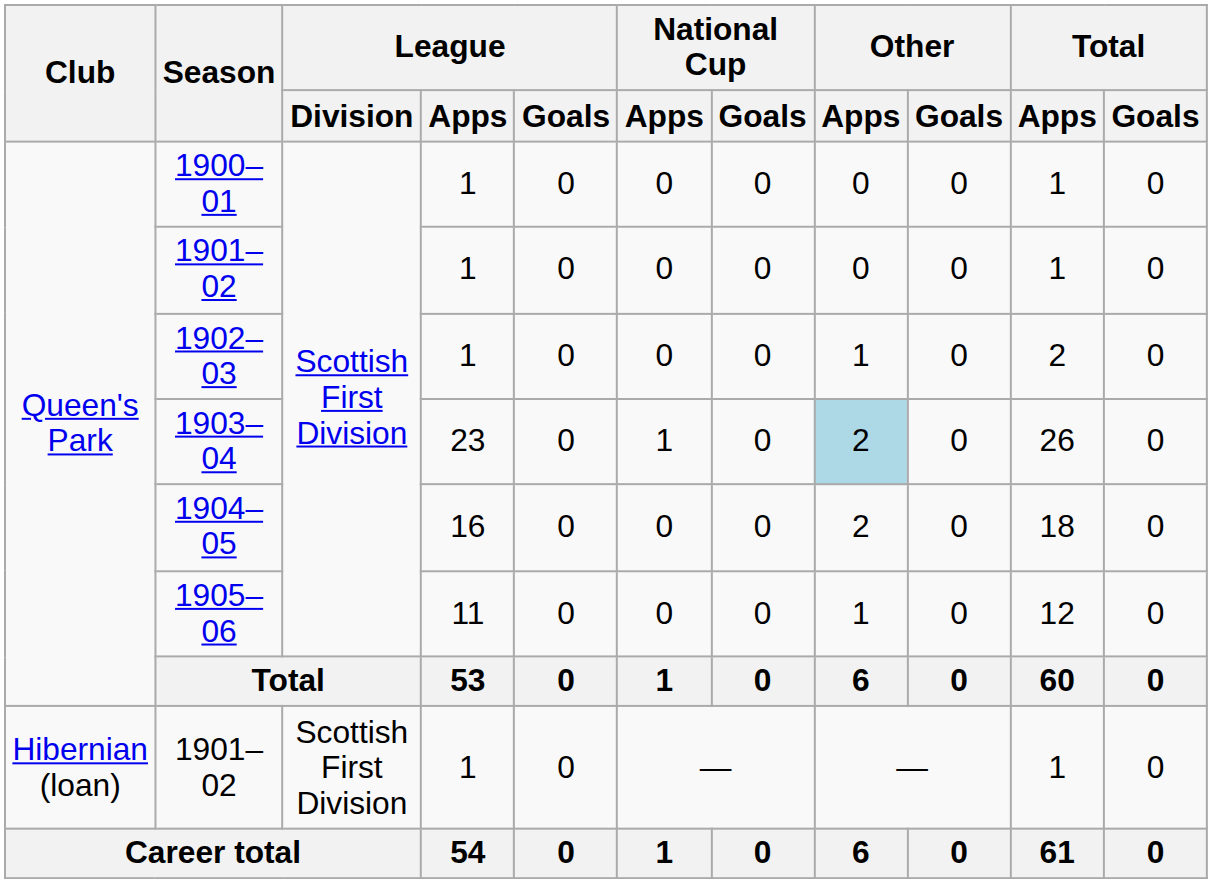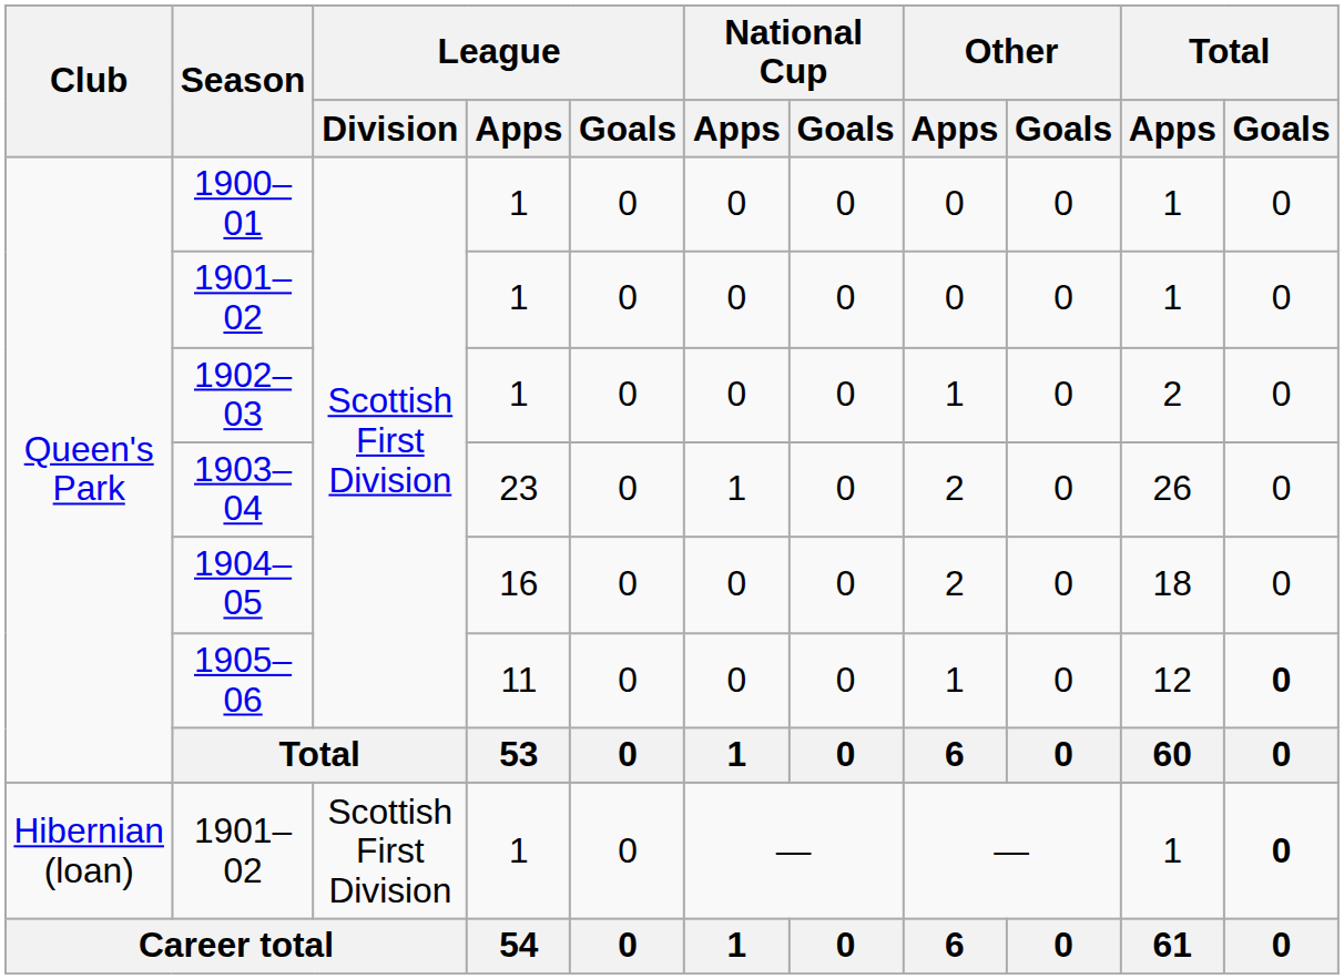 <table class="wikitable" style="text-align: center;">
 <tr>
 <th rowspan="2">Club</th>
 <th rowspan="2">Season</th>
 <th colspan="3">League</th>
 <th colspan="2">National Cup</th>
 <th colspan="2">Other</th>
 <th colspan="2">Total</th>
 </tr>
 <tr>
 <th>Division</th>
 <th>Apps</th>
 <th>Goals</th>
 <th>Apps</th>
 <th>Goals</th>
 <th>Apps</th>
 <th>Goals</th>
 <th>Apps</th>
 <th>Goals</th>
 </tr>
 <tr>
 <td rowspan="7"><a href='#'>Queen's Park</a></td>
 <td><a href='#'>1900–01</a></td>
 <td rowspan="6"><a href='#'>Scottish First Division</a></td>
 <td>1</td>
 <td>0</td>
 <td>0</td>
 <td>0</td>
 <td>0</td>
 <td>0</td>
 <td>1</td>
 <td>0</td>
 </tr>
 <tr>
 <td><a href='#'>1901–02</a></td>
 <td>1</td>
 <td>0</td>
 <td>0</td>
 <td>0</td>
 <td>0</td>
 <td>0</td>
 <td>1</td>
 <td>0</td>
 </tr>
 <tr>
 <td><a href='#'>1902–03</a></td>
 <td>1</td>
 <td>0</td>
 <td>0</td>
 <td>0</td>
 <td>1</td>
 <td>0</td>
 <td>2</td>
 <td>0</td>
 </tr>
 <tr>
 <td><a href='#'>1903–04</a></td>
 <td>23</td>
 <td>0</td>
 <td>1</td>
 <td>0</td>
-<td style="background: lightblue;">2</td>
+<td>2</td>
 <td>0</td>
 <td>26</td>
 <td>0</td>
 </tr>
 <tr>
 <td><a href='#'>1904–05</a></td>
 <td>16</td>
 <td>0</td>
 <td>0</td>
 <td>0</td>
 <td>2</td>
 <td>0</td>
 <td>18</td>
 <td>0</td>
 </tr>
 <tr>
 <td><a href='#'>1905–06</a></td>
 <td>11</td>
 <td>0</td>
 <td>0</td>
 <td>0</td>
 <td>1</td>
 <td>0</td>
 <td>12</td>
-<td>0</td>
+<td><strong>0</strong></td>
 </tr>
 <tr>
 <th colspan="2">Total</th>
 <th>53</th>
 <th>0</th>
 <th>1</th>
 <th>0</th>
 <th>6</th>
 <th>0</th>
 <th>60</th>
 <th>0</th>
 </tr>
 <tr>
 <td><a href='#'>Hibernian</a> (loan)</td>
 <td>1901–02</td>
 <td>Scottish First Division</td>
 <td>1</td>
 <td>0</td>
 <td colspan="2">—</td>
 <td colspan="2">—</td>
 <td>1</td>
-<td>0</td>
+<td><strong>0</strong></td>
 </tr>
 <tr>
 <th colspan="3">Career total</th>
 <th>54</th>
 <th>0</th>
 <th>1</th>
 <th>0</th>
 <th>6</th>
 <th>0</th>
 <th>61</th>
 <th>0</th>
 </tr>
 </table>
